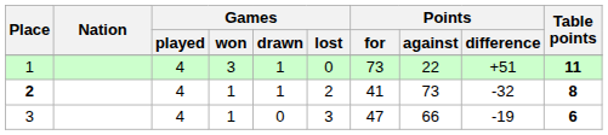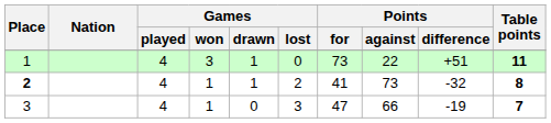 <table class="wikitable">
 <tr>
 <th rowspan=2 width="8%">Place</th>
 <th rowspan=2 width="20%">Nation</th>
 <th colspan=4 width="32%">Games</th>
 <th colspan=3 width="30%">Points</th>
 <th rowspan=2 width="10%">Table<br>points</th>
 </tr>
 <tr>
 <th width="8%">played</th>
 <th width="8%">won</th>
 <th width="8%">drawn</th>
 <th width="8%">lost</th>
 <th width="10%">for</th>
 <th width="10%">against</th>
 <th width="10%">difference</th>
 </tr>
 <tr>
 </tr>
 <tr bgcolor=#ccffcc align=center>
 <td>1</td>
 <td align=left></td>
 <td>4</td>
 <td>3</td>
 <td>1</td>
 <td>0</td>
 <td>73</td>
 <td>22</td>
 <td>+51</td>
 <td><strong>11</strong></td>
 </tr>
 <tr bgcolor=#ffffff align=center>
 <td><strong>2</strong></td>
 <td align=left></td>
 <td>4</td>
 <td>1</td>
 <td>1</td>
 <td>2</td>
 <td>41</td>
 <td>73</td>
 <td>-32</td>
 <td><strong>8</strong></td>
 </tr>
 <tr bgcolor=#ffffff align=center>
 <td>3</td>
 <td align=left></td>
 <td>4</td>
 <td>1</td>
 <td>0</td>
 <td>3</td>
 <td>47</td>
 <td>66</td>
 <td>-19</td>
-<td><strong>6</strong></td>
+<td><strong>7</strong></td>
 </tr>
 </table>
